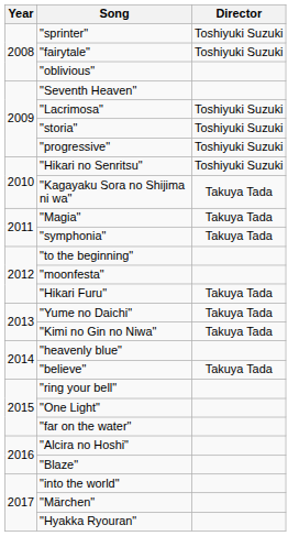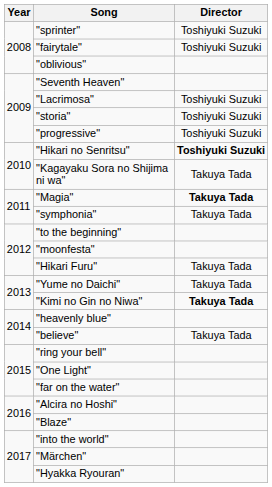 <table class="wikitable">
 <tr>
 <th>Year</th>
 <th width="200">Song</th>
 <th>Director</th>
 </tr>
 <tr>
 <td rowspan="3">2008</td>
 <td align="left">"sprinter"</td>
 <td align="center">Toshiyuki Suzuki</td>
 </tr>
 <tr>
 <td align="left">"fairytale"</td>
 <td align="center">Toshiyuki Suzuki</td>
 </tr>
 <tr>
 <td align="left">"oblivious"</td>
 <td align="center"></td>
 </tr>
 <tr>
 <td rowspan="4">2009</td>
 <td align="left">"Seventh Heaven"</td>
 <td></td>
 </tr>
 <tr>
 <td align="left">"Lacrimosa"</td>
 <td align="center">Toshiyuki Suzuki</td>
 </tr>
 <tr>
 <td align="left">"storia"</td>
 <td align="center">Toshiyuki Suzuki</td>
 </tr>
 <tr>
 <td align="left">"progressive"</td>
 <td align="center">Toshiyuki Suzuki</td>
 </tr>
 <tr>
 <td rowspan="2">2010</td>
 <td align="left">"Hikari no Senritsu"</td>
-<td align="center">Toshiyuki Suzuki</td>
+<td align="center"><strong>Toshiyuki Suzuki</strong></td>
 </tr>
 <tr>
 <td align="left">"Kagayaku Sora no Shijima ni wa"</td>
 <td align="center">Takuya Tada</td>
 </tr>
 <tr>
 <td rowspan="2">2011</td>
 <td align="left">"Magia"</td>
-<td align="center">Takuya Tada</td>
+<td align="center"><strong>Takuya Tada</strong></td>
 </tr>
 <tr>
 <td align="left">"symphonia"</td>
 <td align="center">Takuya Tada</td>
 </tr>
 <tr>
 <td rowspan ="3">2012</td>
 <td align="left">"to the beginning"</td>
 <td align="center"></td>
 </tr>
 <tr>
 <td align="left">"moonfesta"</td>
 <td align="center"></td>
 </tr>
 <tr>
 <td align="left">"Hikari Furu"</td>
 <td align="center">Takuya Tada</td>
 </tr>
 <tr>
 <td rowspan ="2">2013</td>
 <td align="left">"Yume no Daichi"</td>
 <td align="center">Takuya Tada</td>
 </tr>
 <tr>
 <td align="left">"Kimi no Gin no Niwa"</td>
-<td align="center">Takuya Tada</td>
+<td align="center"><strong>Takuya Tada</strong></td>
 </tr>
 <tr>
 <td rowspan ="2">2014</td>
 <td align="left">"heavenly blue"</td>
 <td align="center"></td>
 </tr>
 <tr>
 <td align="left">"believe"</td>
 <td align="center">Takuya Tada</td>
 </tr>
 <tr>
 <td rowspan="3">2015</td>
 <td align="left">"ring your bell"</td>
 <td align="center"></td>
 </tr>
 <tr>
 <td align="left">"One Light"</td>
 <td align="center"></td>
 </tr>
 <tr>
 <td align="left">"far on the water"</td>
 <td align="center"></td>
 </tr>
 <tr>
 <td rowspan="2">2016</td>
 <td align="left">"Alcira no Hoshi"</td>
 <td align="center"></td>
 </tr>
 <tr>
 <td align="left">"Blaze"</td>
 <td align="center"></td>
 </tr>
 <tr>
 <td rowspan="3">2017</td>
 <td align="left">"into the world"</td>
 <td align="center"></td>
 </tr>
 <tr>
 <td align="left">"Μärchen"</td>
 <td align="center"></td>
 </tr>
 <tr>
 <td align="left">"Hyakka Ryouran"</td>
 <td align="center"></td>
 </tr>
 </table>
